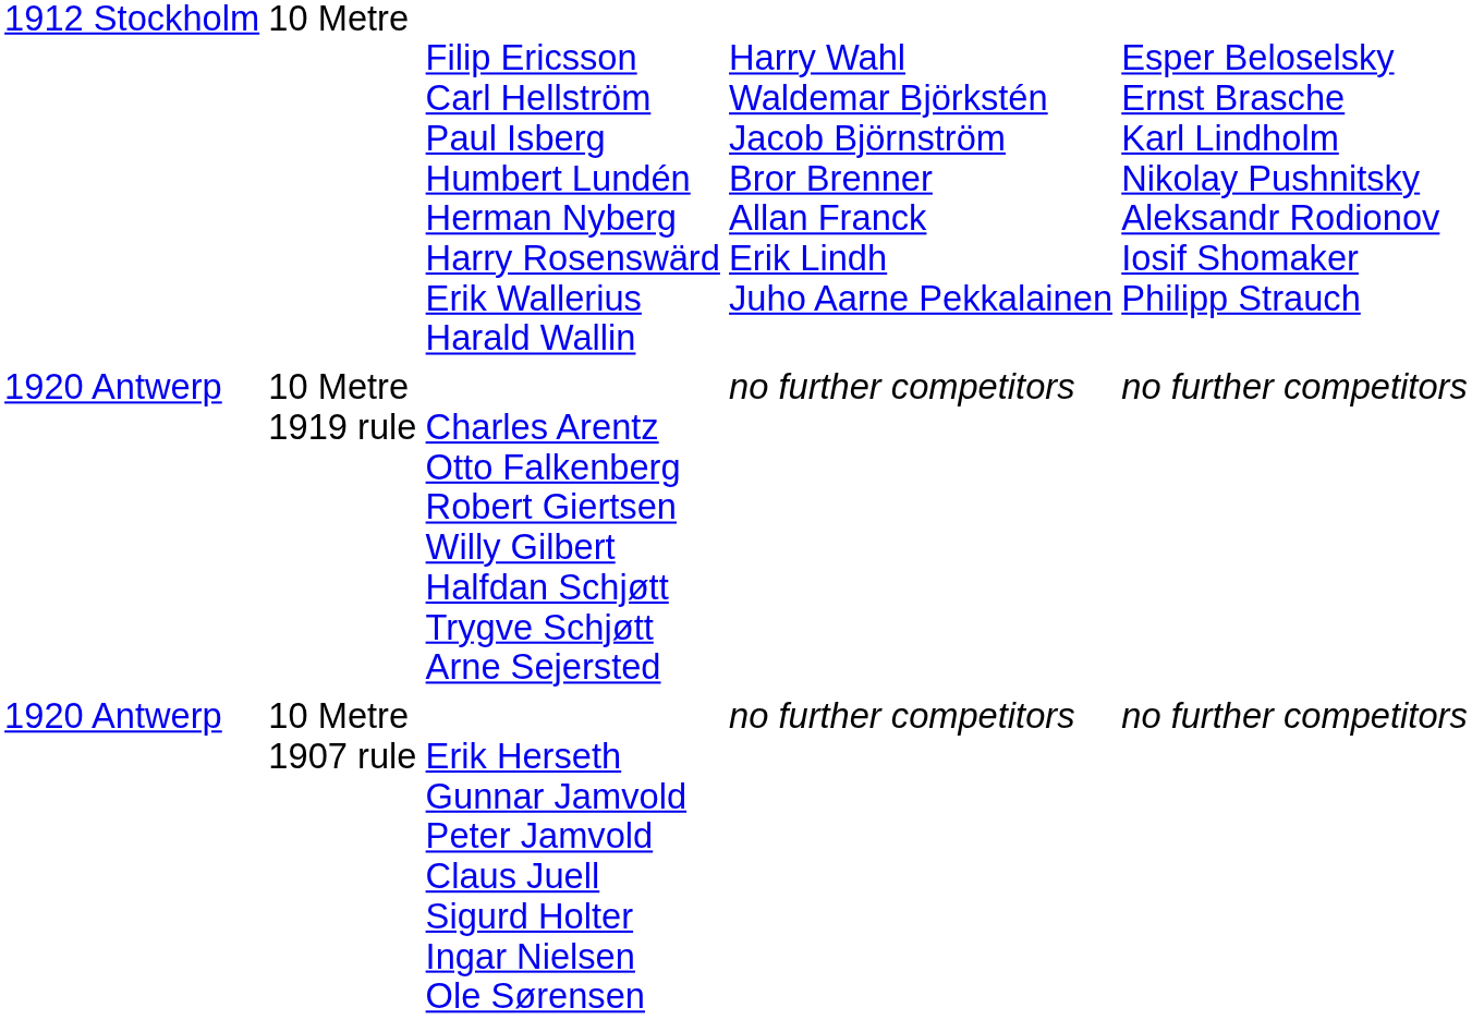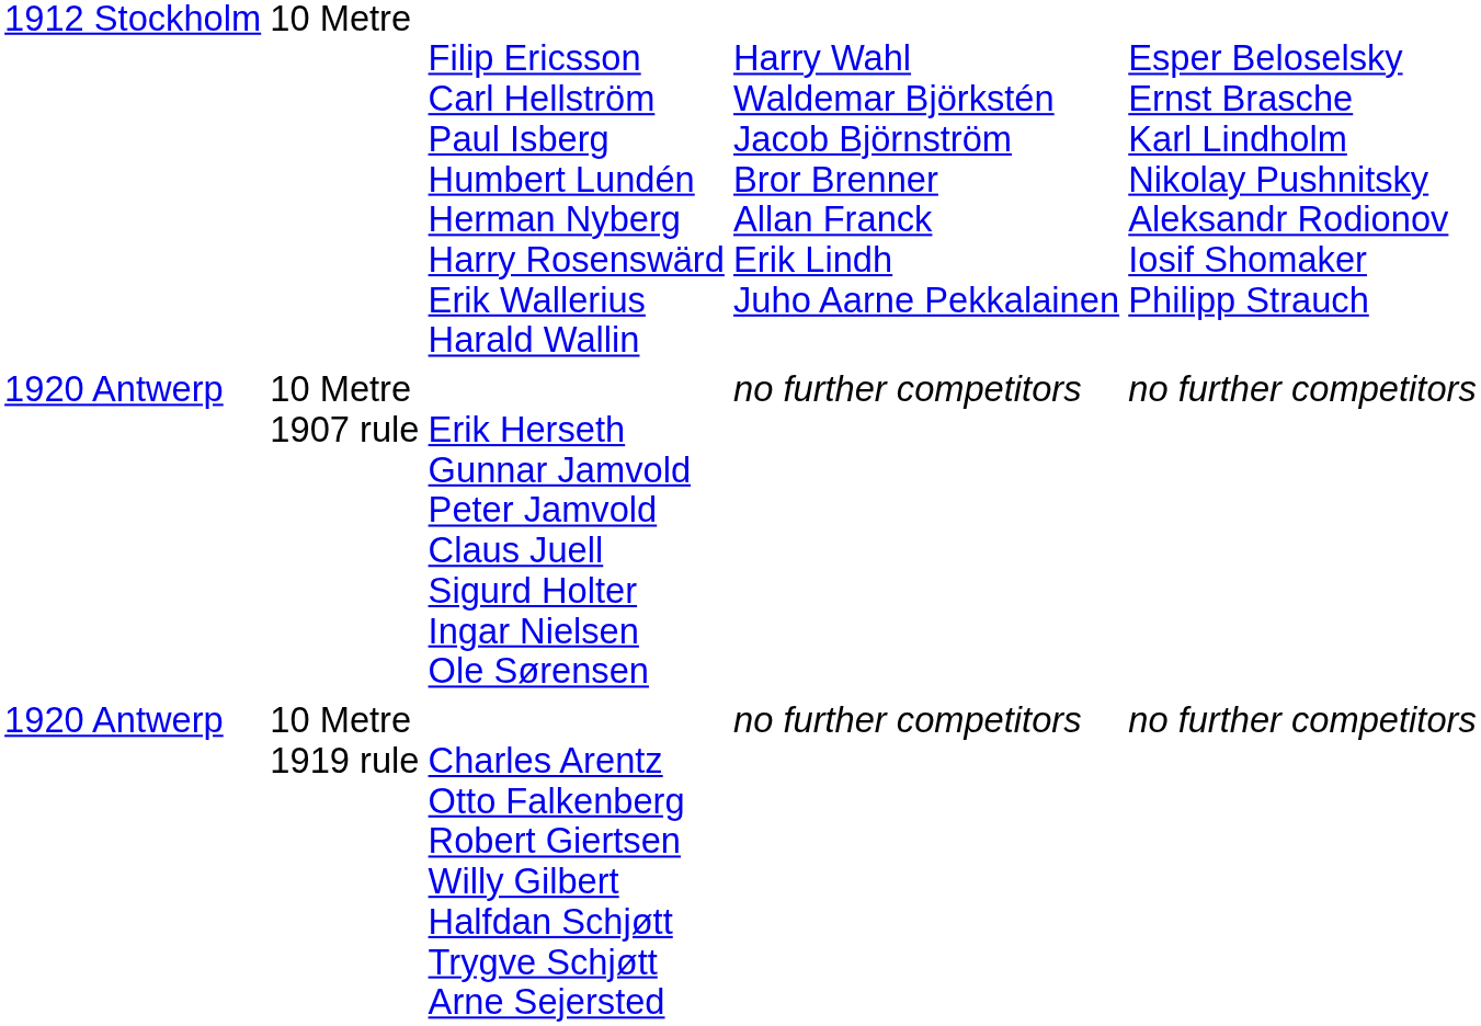 <table valign=top| >
 <tr valign="top">
 <td><a href='#'>1912 Stockholm</a><br></td>
 <td>10 Metre</td>
 <td valign=top><br><a href='#'>Filip Ericsson</a><br><a href='#'>Carl Hellström</a><br><a href='#'>Paul Isberg</a><br><a href='#'>Humbert Lundén</a><br><a href='#'>Herman Nyberg</a><br><a href='#'>Harry Rosenswärd</a><br><a href='#'>Erik Wallerius</a><br><a href='#'>Harald Wallin</a></td>
 <td valign=top><br><a href='#'>Harry Wahl</a><br><a href='#'>Waldemar Björkstén</a><br><a href='#'>Jacob Björnström</a><br><a href='#'>Bror Brenner</a><br><a href='#'>Allan Franck</a><br><a href='#'>Erik Lindh</a><br><a href='#'>Juho Aarne Pekkalainen</a></td>
 <td valign=top><br><a href='#'>Esper Beloselsky</a><br><a href='#'>Ernst Brasche</a><br><a href='#'>Karl Lindholm</a><br><a href='#'>Nikolay Pushnitsky</a><br><a href='#'>Aleksandr Rodionov</a><br><a href='#'>Iosif Shomaker</a><br><a href='#'>Philipp Strauch</a></td>
 </tr>
 <tr valign="top">
 <td><a href='#'>1920 Antwerp</a><br></td>
+<td>10 Metre<br>1907 rule</td>
+<td valign=top><br><a href='#'>Erik Herseth</a><br><a href='#'>Gunnar Jamvold</a><br><a href='#'>Peter Jamvold</a><br><a href='#'>Claus Juell</a><br><a href='#'>Sigurd Holter</a><br><a href='#'>Ingar Nielsen</a><br><a href='#'>Ole Sørensen</a></td>
+<td><em>no further competitors</em></td>
+<td><em>no further competitors</em></td>
+</tr>
+<tr valign="top">
+<td><a href='#'>1920 Antwerp</a><br></td>
 <td>10 Metre<br>1919 rule</td>
 <td valign=top><br><a href='#'>Charles Arentz</a><br><a href='#'>Otto Falkenberg</a><br><a href='#'>Robert Giertsen</a><br><a href='#'>Willy Gilbert</a><br><a href='#'>Halfdan Schjøtt</a><br><a href='#'>Trygve Schjøtt</a><br><a href='#'>Arne Sejersted</a></td>
 <td><em>no further competitors</em></td>
 <td><em>no further competitors</em></td>
 </tr>
-<tr valign="top">
-<td><a href='#'>1920 Antwerp</a><br></td>
-<td>10 Metre<br>1907 rule</td>
-<td valign=top><br><a href='#'>Erik Herseth</a><br><a href='#'>Gunnar Jamvold</a><br><a href='#'>Peter Jamvold</a><br><a href='#'>Claus Juell</a><br><a href='#'>Sigurd Holter</a><br><a href='#'>Ingar Nielsen</a><br><a href='#'>Ole Sørensen</a></td>
-<td><em>no further competitors</em></td>
-<td><em>no further competitors</em></td>
-</tr>
 </table>
